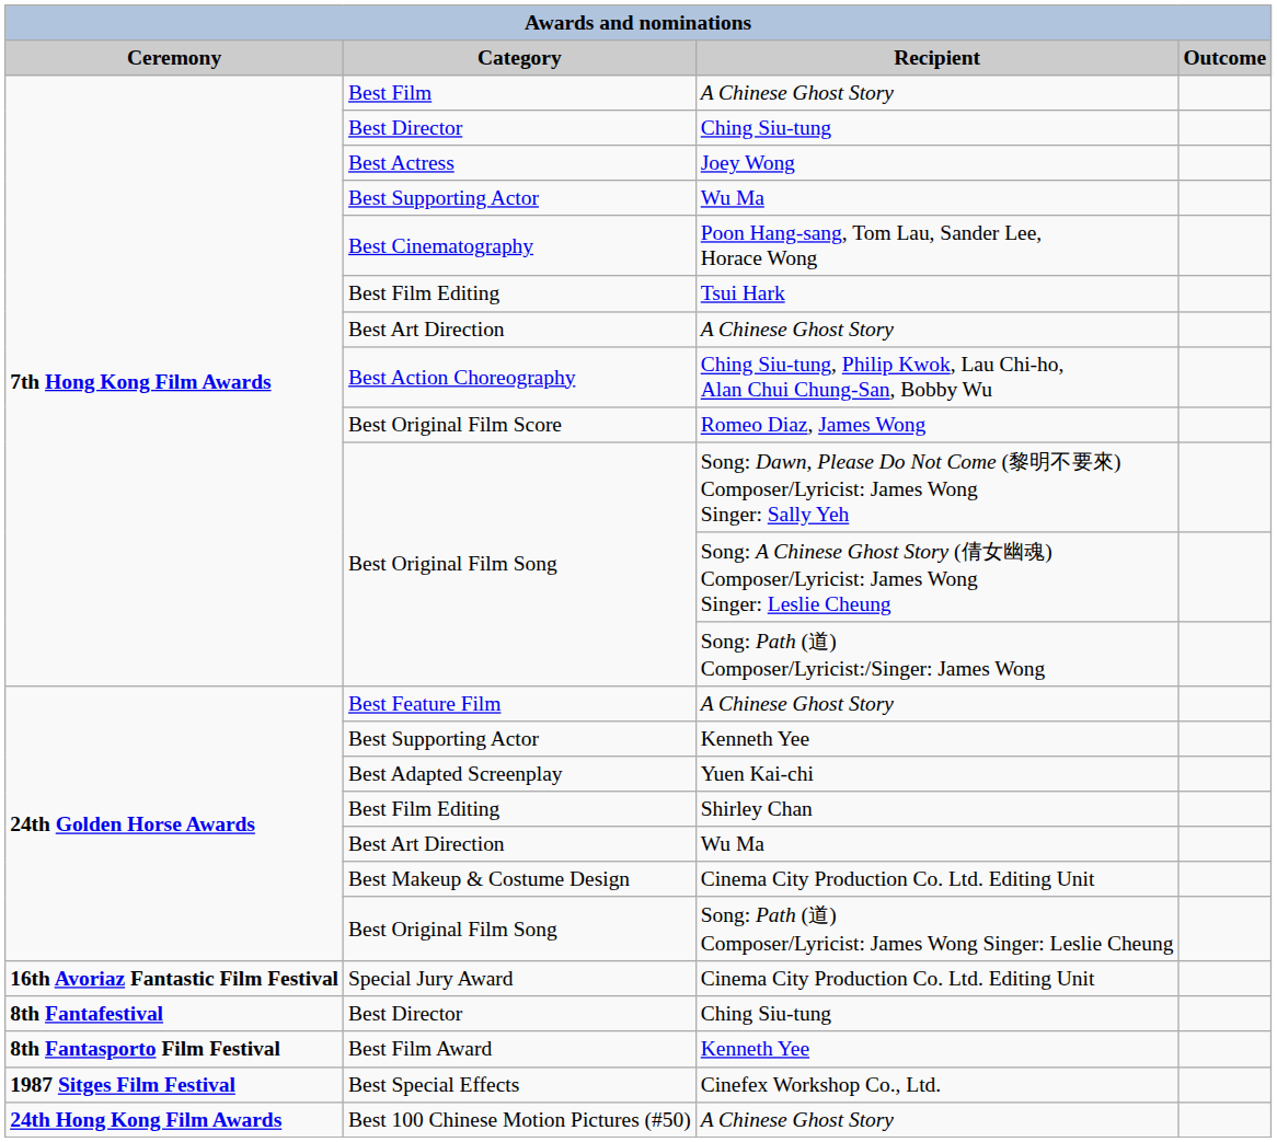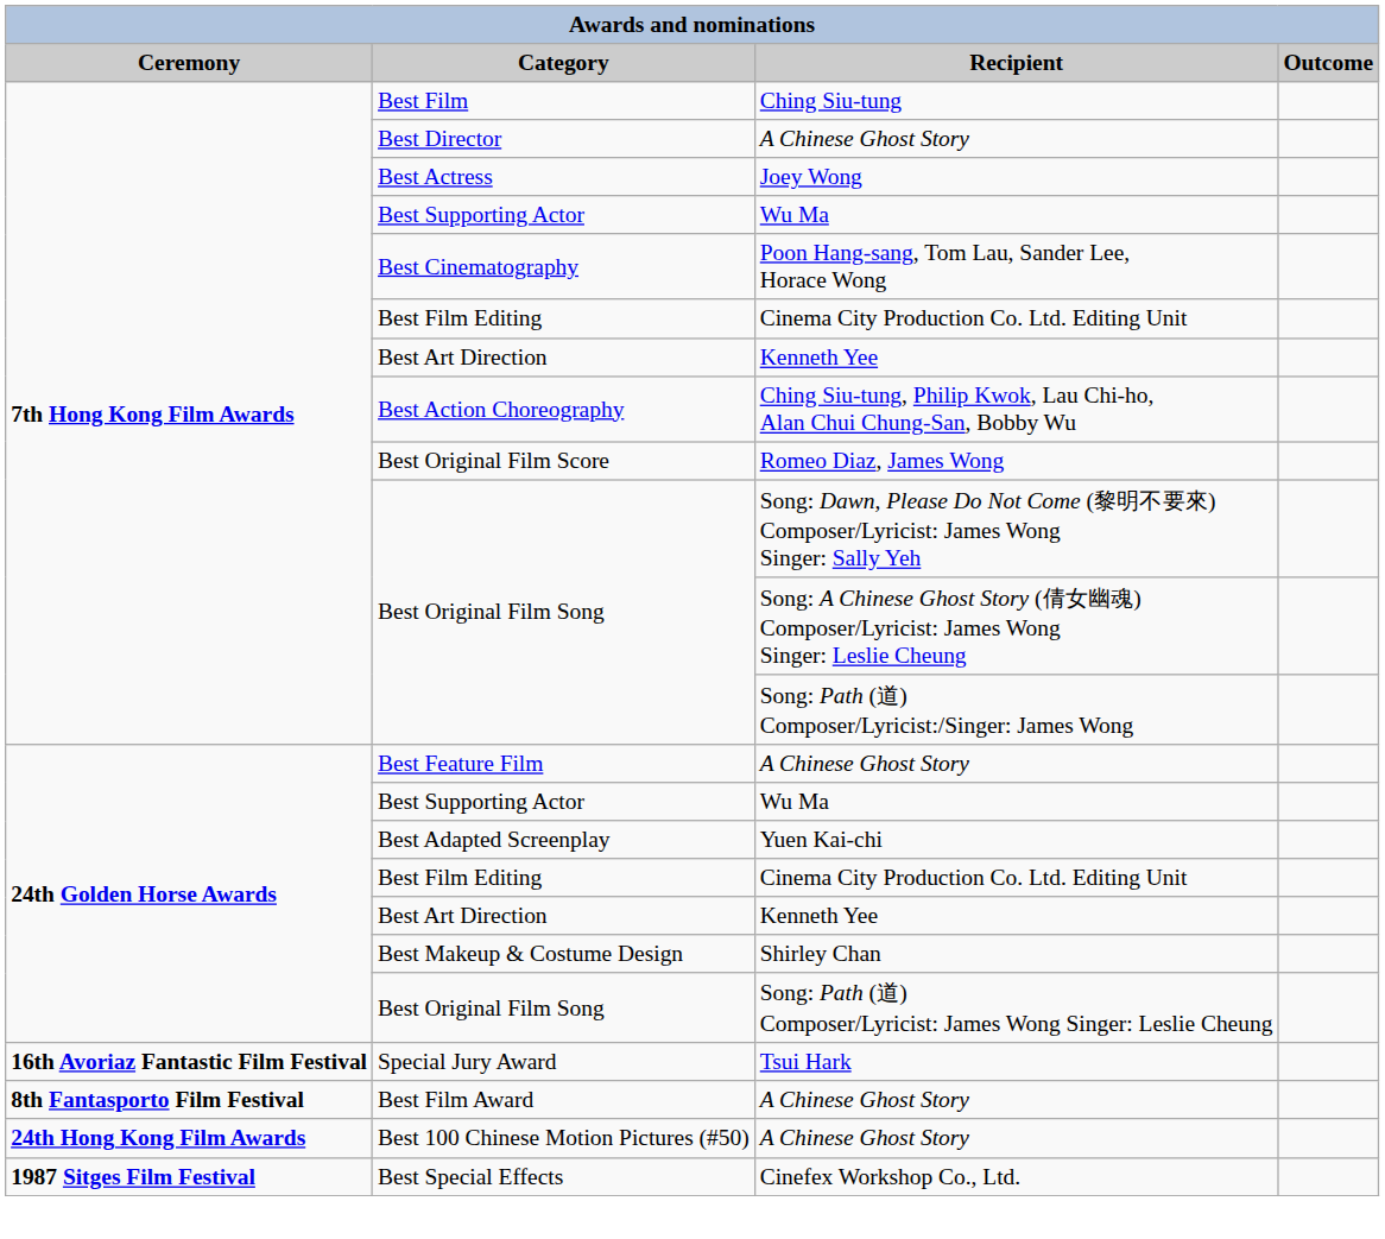 <table class="wikitable" style="font-size:95%">
 <tr style="background:#ccc; text-align:center;">
 <th colspan="4" style="background: LightSteelBlue;">Awards and nominations</th>
 </tr>
 <tr style="background:#ccc; text-align:center;">
 <th style="background:#ccc">Ceremony</th>
 <th style="background:#ccc">Category</th>
 <th style="background:#ccc">Recipient</th>
 <th style="background:#ccc">Outcome</th>
 </tr>
 <tr>
 <td rowspan=12><strong>7th <a href='#'>Hong Kong Film Awards</a></strong></td>
 <td><a href='#'>Best Film</a></td>
-<td><em>A Chinese Ghost Story</em></td>
+<td><a href='#'>Ching Siu-tung</a></td>
 <td></td>
 </tr>
 <tr>
 <td><a href='#'>Best Director</a></td>
-<td><a href='#'>Ching Siu-tung</a></td>
+<td><em>A Chinese Ghost Story</em></td>
 <td></td>
 </tr>
 <tr>
 <td><a href='#'>Best Actress</a></td>
 <td><a href='#'>Joey Wong</a></td>
 <td></td>
 </tr>
 <tr>
 <td><a href='#'>Best Supporting Actor</a></td>
 <td><a href='#'>Wu Ma</a></td>
 <td></td>
 </tr>
 <tr>
 <td><a href='#'>Best Cinematography</a></td>
 <td><a href='#'>Poon Hang-sang</a>, Tom Lau, Sander Lee, <br>Horace Wong</td>
 <td></td>
 </tr>
 <tr>
 <td>Best Film Editing</td>
-<td><a href='#'>Tsui Hark</a></td>
+<td>Cinema City Production Co. Ltd. Editing Unit</td>
 <td></td>
 </tr>
 <tr>
 <td>Best Art Direction</td>
-<td><em>A Chinese Ghost Story</em></td>
+<td><a href='#'>Kenneth Yee</a></td>
 <td></td>
 </tr>
 <tr>
 <td><a href='#'>Best Action Choreography</a></td>
 <td><a href='#'>Ching Siu-tung</a>, <a href='#'>Philip Kwok</a>, Lau Chi-ho, <br><a href='#'>Alan Chui Chung-San</a>, Bobby Wu</td>
 <td></td>
 </tr>
 <tr>
 <td>Best Original Film Score</td>
 <td><a href='#'>Romeo Diaz</a>, <a href='#'>James Wong</a></td>
 <td></td>
 </tr>
 <tr>
 <td rowspan=3>Best Original Film Song</td>
 <td>Song: <em>Dawn, Please Do Not Come</em> (黎明不要來)<br>Composer/Lyricist: James Wong <br>Singer: <a href='#'>Sally Yeh</a></td>
 <td></td>
 </tr>
 <tr>
 <td>Song: <em>A Chinese Ghost Story</em> (倩女幽魂)<br>Composer/Lyricist: James Wong <br>Singer: <a href='#'>Leslie Cheung</a></td>
 <td></td>
 </tr>
 <tr>
 <td>Song: <em>Path</em> (道)<br>Composer/Lyricist:/Singer: James Wong</td>
 <td></td>
 </tr>
 <tr>
 <td rowspan=7><strong>24th <a href='#'>Golden Horse Awards</a></strong></td>
 <td><a href='#'>Best Feature Film</a></td>
 <td><em>A Chinese Ghost Story</em></td>
 <td></td>
 </tr>
 <tr>
 <td>Best Supporting Actor</td>
-<td>Kenneth Yee</td>
+<td>Wu Ma</td>
 <td></td>
 </tr>
 <tr>
 <td>Best Adapted Screenplay</td>
 <td>Yuen Kai-chi</td>
 <td></td>
 </tr>
 <tr>
 <td>Best Film Editing</td>
-<td>Shirley Chan</td>
+<td>Cinema City Production Co. Ltd. Editing Unit</td>
 <td></td>
 </tr>
 <tr>
 <td>Best Art Direction</td>
-<td>Wu Ma</td>
+<td>Kenneth Yee</td>
 <td></td>
 </tr>
 <tr>
 <td>Best Makeup & Costume Design</td>
-<td>Cinema City Production Co. Ltd. Editing Unit</td>
+<td>Shirley Chan</td>
 <td></td>
 </tr>
 <tr>
 <td>Best Original Film Song</td>
 <td>Song: <em>Path</em> (道)<br>Composer/Lyricist: James Wong Singer: Leslie Cheung</td>
 <td></td>
 </tr>
 <tr>
 <td><strong>16th <a href='#'>Avoriaz</a> Fantastic Film Festival</strong></td>
 <td>Special Jury Award</td>
-<td>Cinema City Production Co. Ltd. Editing Unit</td>
-<td></td>
-</tr>
-<tr>
-<td><strong>8th <a href='#'>Fantafestival</a></strong></td>
-<td>Best Director</td>
-<td>Ching Siu-tung</td>
+<td><a href='#'>Tsui Hark</a></td>
 <td></td>
 </tr>
 <tr>
 <td><strong>8th <a href='#'>Fantasporto</a> Film Festival</strong></td>
 <td>Best Film Award</td>
-<td><a href='#'>Kenneth Yee</a></td>
+<td><em>A Chinese Ghost Story</em></td>
+<td></td>
+</tr>
+<tr>
+<td><strong><a href='#'>24th Hong Kong Film Awards</a></strong></td>
+<td>Best 100 Chinese Motion Pictures (#50)</td>
+<td><em>A Chinese Ghost Story</em></td>
 <td></td>
 </tr>
 <tr>
 <td><strong>1987 <a href='#'>Sitges Film Festival</a></strong></td>
 <td>Best Special Effects</td>
 <td>Cinefex Workshop Co., Ltd.</td>
 <td></td>
 </tr>
 <tr>
-<td><strong><a href='#'>24th Hong Kong Film Awards</a></strong></td>
-<td>Best 100 Chinese Motion Pictures (#50)</td>
-<td><em>A Chinese Ghost Story</em></td>
-<td></td>
-</tr>
-<tr>
 </tr>
 </table>
